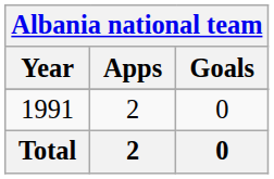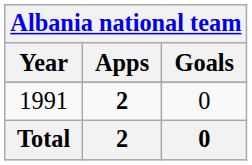 <table class="wikitable" style="text-align:center">
 <tr>
 <th colspan=3><a href='#'>Albania national team</a></th>
 </tr>
 <tr>
 <th>Year</th>
 <th>Apps</th>
 <th>Goals</th>
 </tr>
 <tr>
 </tr>
 <tr>
 <td>1991</td>
-<td>2</td>
+<td><strong>2</strong></td>
 <td>0</td>
 </tr>
 <tr>
 <th>Total</th>
 <th>2</th>
 <th>0</th>
 </tr>
 </table>
